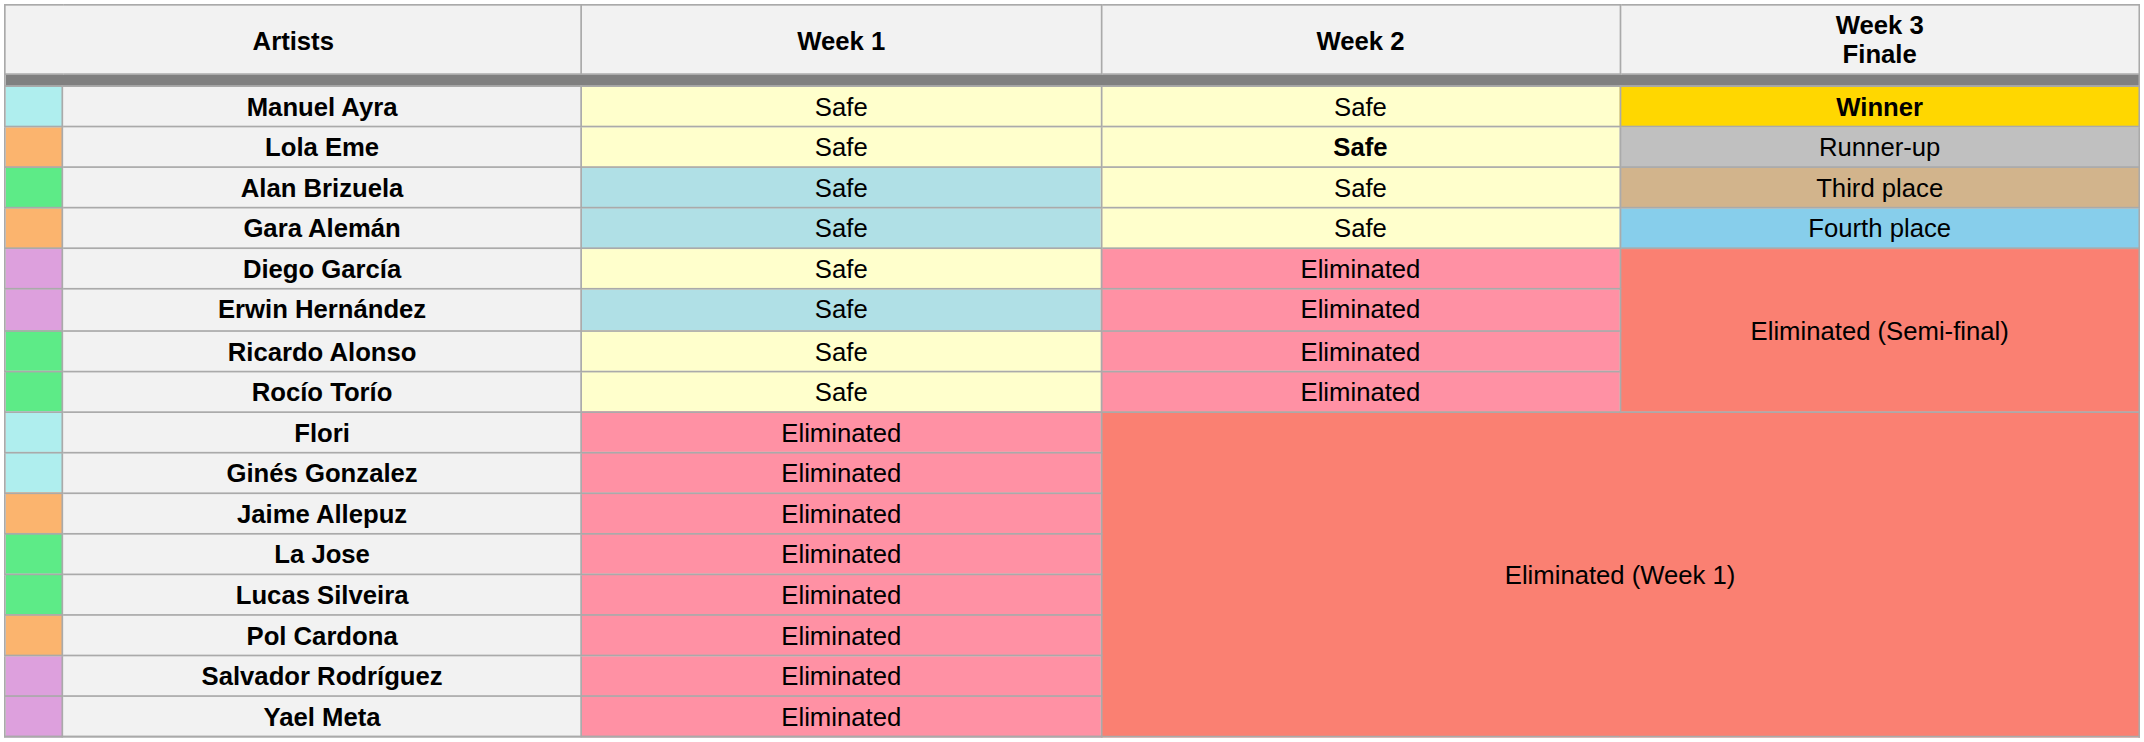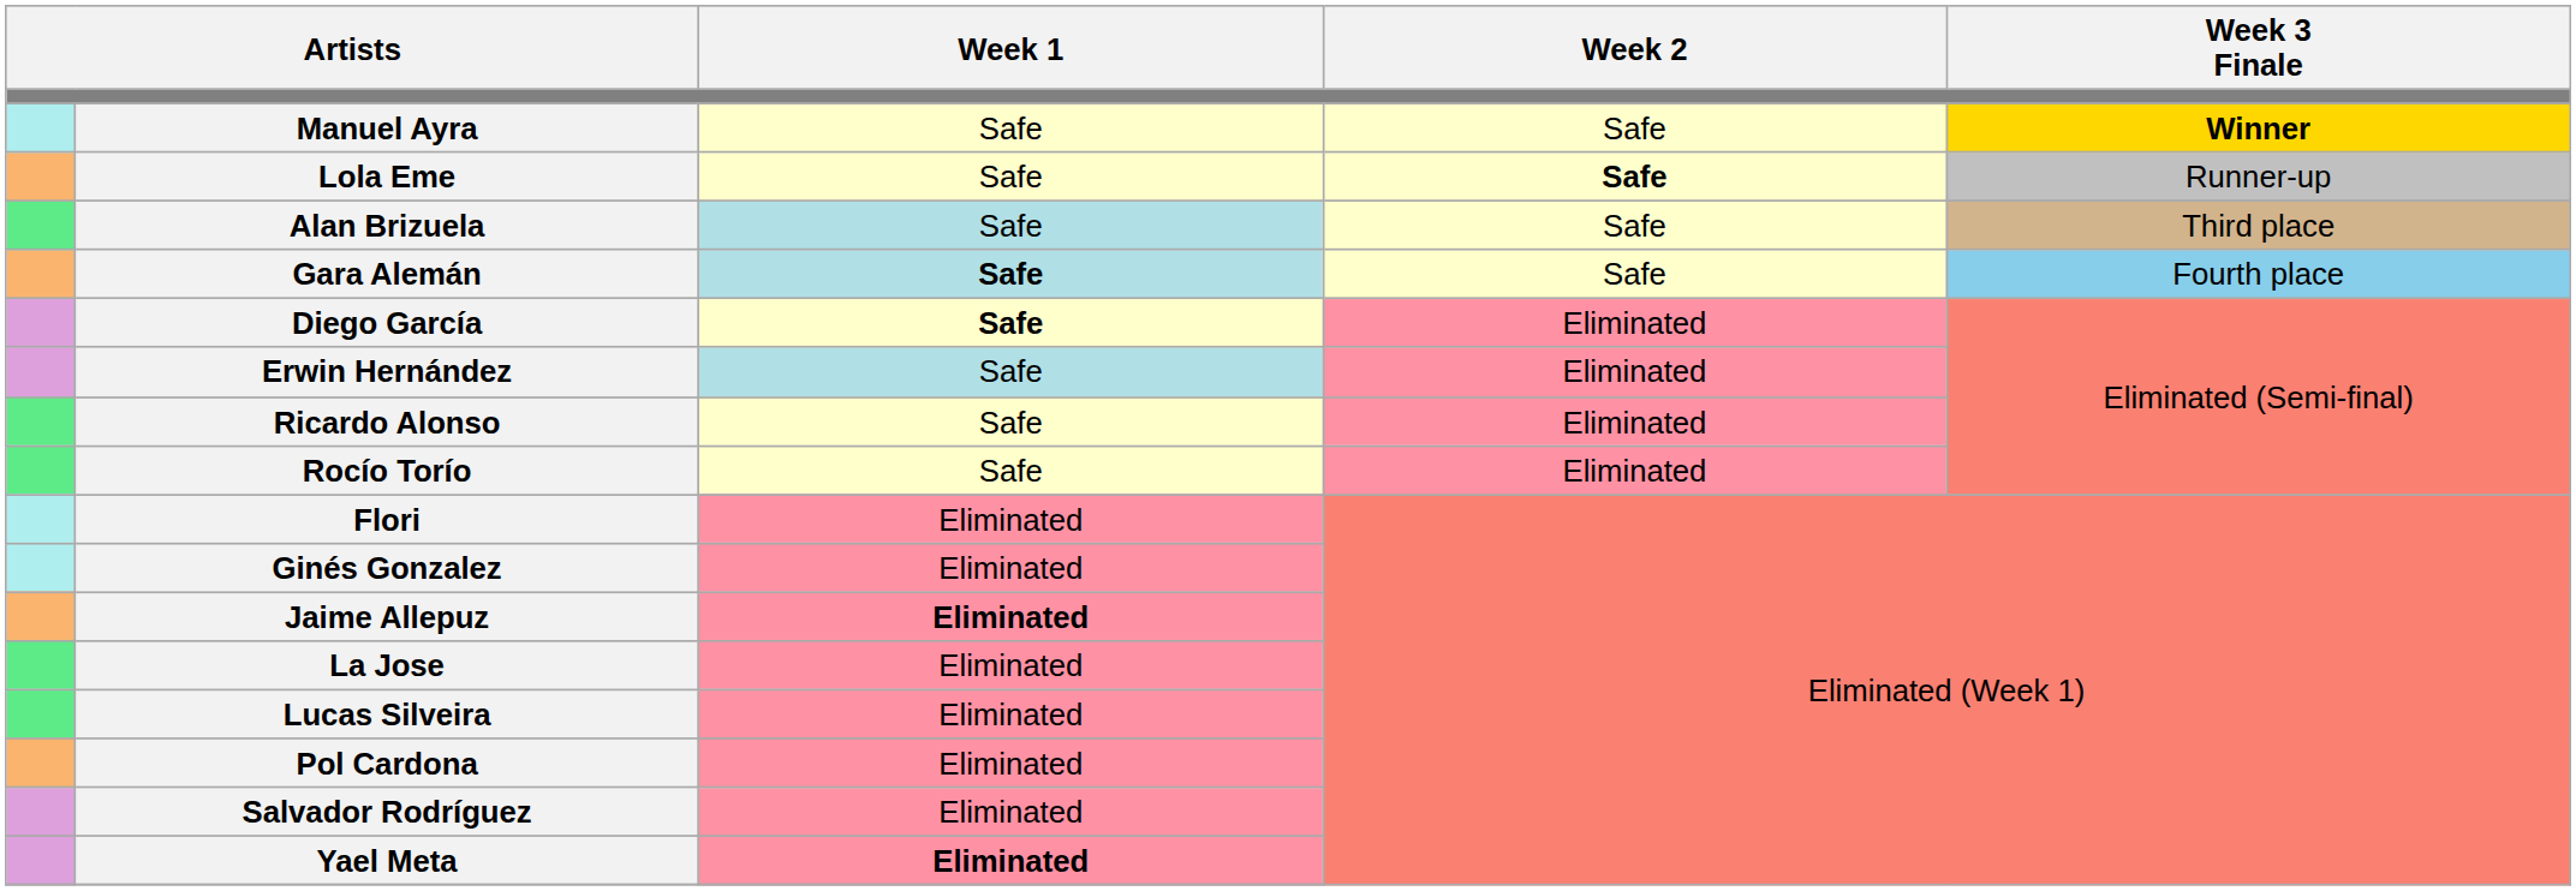 <table class="wikitable" style="text-align:center; font-size:95%; width:100%">
 <tr>
 <th colspan="2" style="width:20%">Artists</th>
 <th style="width:18%">Week 1</th>
 <th style="width:18%">Week 2</th>
 <th style="width:18%">Week 3<br>Finale</th>
 </tr>
 <tr>
 <th colspan="6" style="background:gray"></th>
 </tr>
 <tr>
 <th style="background:#afeeee"></th>
 <th>Manuel Ayra</th>
 <td style="background:#FFFFCC">Safe</td>
 <td style="background:#FFFFCC">Safe</td>
 <td style="background:gold"><strong>Winner</strong></td>
 </tr>
 <tr>
 <th style="background:#fbb46e"></th>
 <th>Lola Eme</th>
 <td style="background:#FFFFCC">Safe</td>
 <td style="background:#FFFFCC"><strong>Safe</strong></td>
 <td style="background:silver">Runner-up</td>
 </tr>
 <tr>
 <th style="background:#5deb87; width:02%"></th>
 <th>Alan Brizuela</th>
 <td style="background:#b0e0e6">Safe</td>
 <td style="background:#FFFFCC">Safe</td>
 <td style="background:tan">Third place</td>
 </tr>
 <tr>
 <th style="background:#fbb46e"></th>
 <th>Gara Alemán</th>
-<td style="background:#b0e0e6">Safe</td>
+<td style="background:#b0e0e6"><strong>Safe</strong></td>
 <td style="background:#FFFFCC">Safe</td>
 <td style="background:skyblue">Fourth place</td>
 </tr>
 <tr>
 <th style="background:#dda0dd"></th>
 <th>Diego García</th>
-<td style="background:#FFFFCC">Safe</td>
+<td style="background:#FFFFCC"><strong>Safe</strong></td>
 <td style="background:#FF91A4">Eliminated</td>
 <td style="background: salmon" rowspan="4">Eliminated (Semi-final)</td>
 </tr>
 <tr>
 <th style="background:#dda0dd"></th>
 <th>Erwin Hernández</th>
 <td style="background:#b0e0e6">Safe</td>
 <td style="background:#FF91A4">Eliminated</td>
 </tr>
 <tr>
 <th style="background:#5deb87"></th>
 <th>Ricardo Alonso</th>
 <td style="background:#FFFFCC">Safe</td>
 <td style="background:#FF91A4">Eliminated</td>
 </tr>
 <tr>
 <th style="background:#5deb87"></th>
 <th>Rocío Torío</th>
 <td style="background:#FFFFCC">Safe</td>
 <td style="background:#FF91A4">Eliminated</td>
 </tr>
 <tr>
 <th style="background:#afeeee"></th>
 <th>Flori</th>
 <td style="background:#FF91A4">Eliminated</td>
 <td style="background: salmon" colspan="2" rowspan="9">Eliminated (Week 1)</td>
 </tr>
 <tr>
 <th style="background:#afeeee"></th>
 <th>Ginés Gonzalez</th>
 <td style="background:#FF91A4">Eliminated</td>
 </tr>
 <tr>
 <th style="background:#fbb46e"></th>
 <th>Jaime Allepuz</th>
-<td style="background:#FF91A4">Eliminated</td>
+<td style="background:#FF91A4"><strong>Eliminated</strong></td>
 </tr>
 <tr>
 <th style="background:#5deb87"></th>
 <th>La Jose</th>
 <td style="background:#FF91A4">Eliminated</td>
 </tr>
 <tr>
 <th style="background:#5deb87"></th>
 <th>Lucas Silveira</th>
 <td style="background:#FF91A4">Eliminated</td>
 </tr>
 <tr>
 <th style="background:#fbb46e"></th>
 <th>Pol Cardona</th>
 <td style="background:#FF91A4">Eliminated</td>
 </tr>
 <tr>
 <th style="background:#dda0dd"></th>
 <th>Salvador Rodríguez</th>
 <td style="background:#FF91A4">Eliminated</td>
 </tr>
 <tr>
 <th style="background:#dda0dd"></th>
 <th>Yael Meta</th>
-<td style="background:#FF91A4">Eliminated</td>
+<td style="background:#FF91A4"><strong>Eliminated</strong></td>
 </tr>
 <tr>
 </tr>
 </table>
